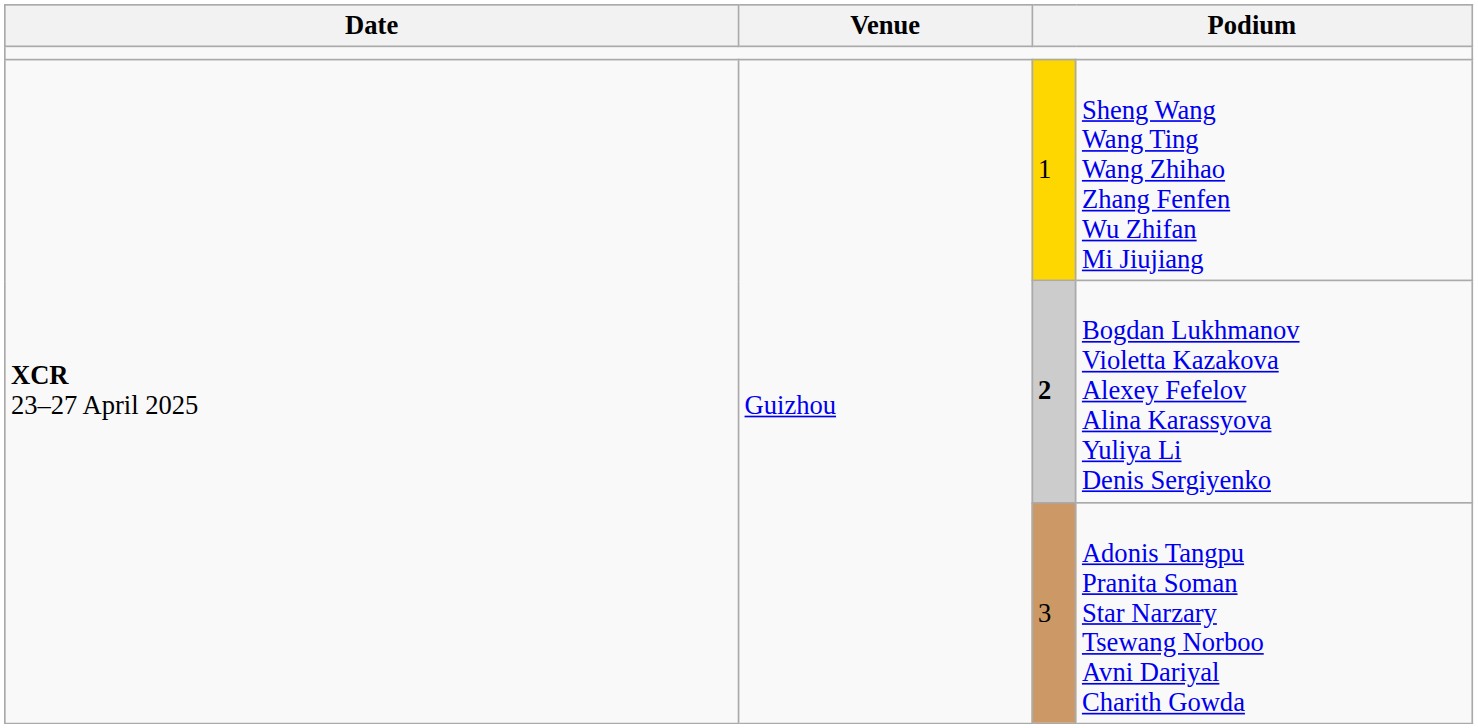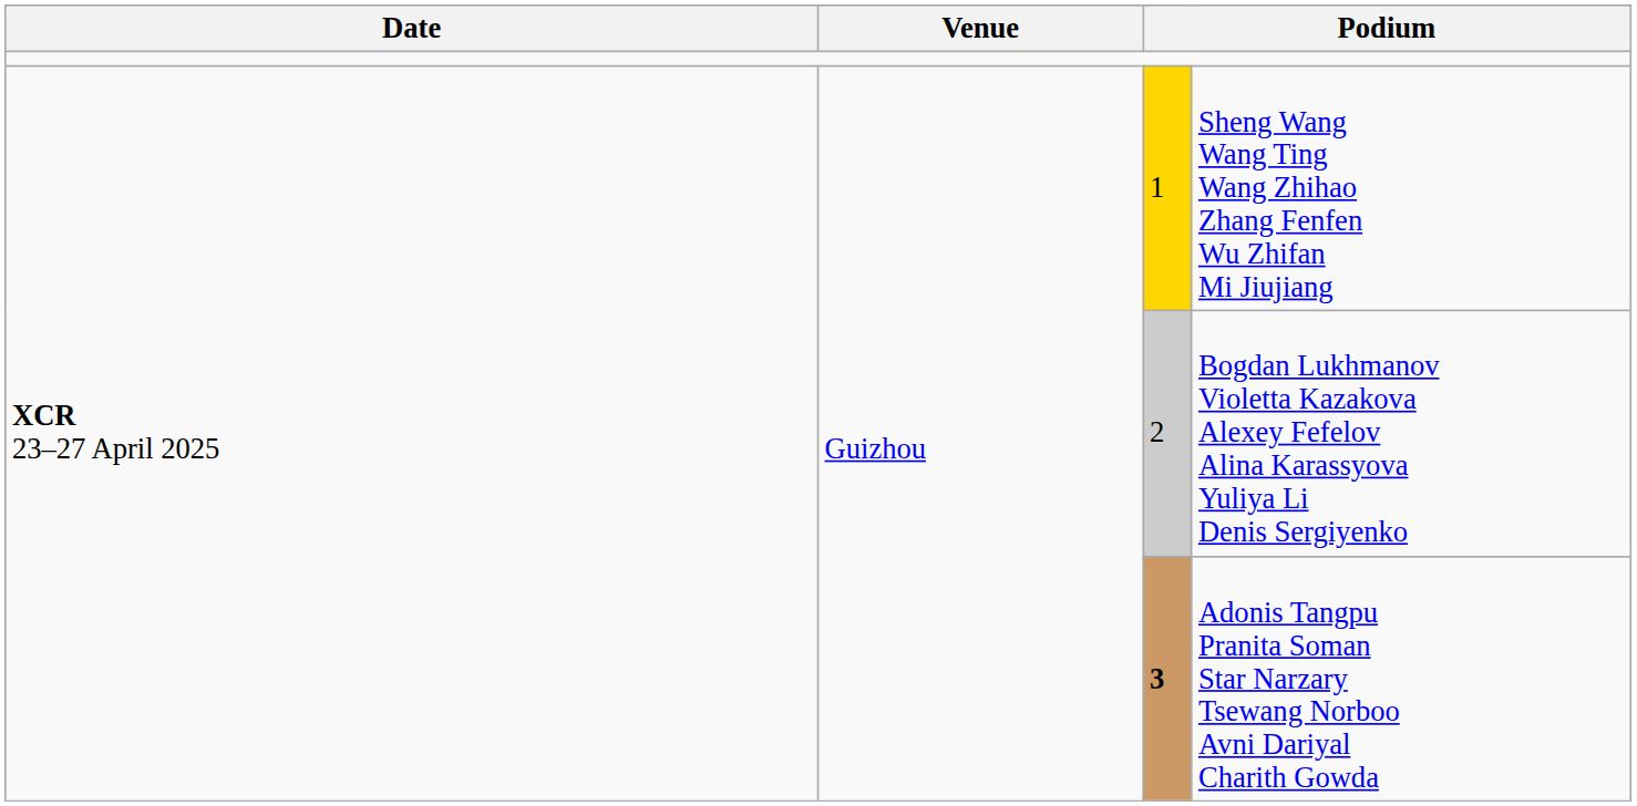 <table class="wikitable" width=70%>
 <tr>
 <th>Date</th>
 <th width=20%>Venue</th>
 <th colspan=2 width=30%>Podium</th>
 </tr>
 <tr>
 <td colspan=6></td>
 </tr>
 <tr>
 <td rowspan=3><strong>XCR</strong> <br> 23–27 April 2025</td>
 <td rowspan=3><br><a href='#'>Guizhou</a></td>
 <td bgcolor=FFD700>1</td>
 <td><br><a href='#'>Sheng Wang</a><br><a href='#'>Wang Ting</a><br><a href='#'>Wang Zhihao</a><br><a href='#'>Zhang Fenfen</a><br><a href='#'>Wu Zhifan</a><br><a href='#'>Mi Jiujiang</a></td>
 </tr>
 <tr>
-<td bgcolor=CCCCCC><strong>2</strong></td>
+<td bgcolor=CCCCCC>2</td>
 <td><br><a href='#'>Bogdan Lukhmanov</a><br><a href='#'>Violetta Kazakova</a><br><a href='#'>Alexey Fefelov</a><br><a href='#'>Alina Karassyova</a><br><a href='#'>Yuliya Li</a><br><a href='#'>Denis Sergiyenko</a></td>
 </tr>
 <tr>
-<td bgcolor=CC9966>3</td>
+<td bgcolor=CC9966><strong>3</strong></td>
 <td><br><a href='#'>Adonis Tangpu</a><br><a href='#'>Pranita Soman</a><br><a href='#'>Star Narzary</a><br><a href='#'>Tsewang Norboo</a><br><a href='#'>Avni Dariyal</a><br><a href='#'>Charith Gowda</a></td>
 </tr>
 </table>
